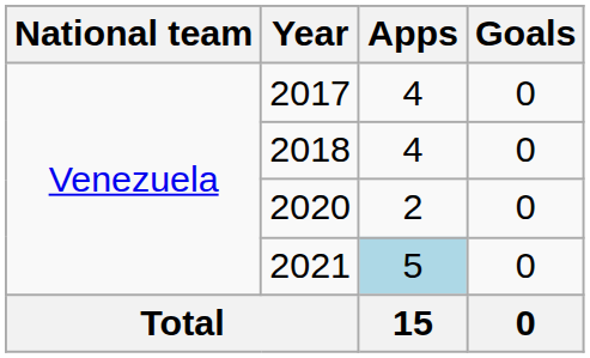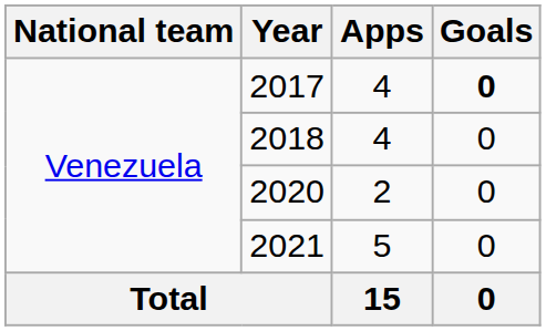 <table class="wikitable" style="text-align: center;">
 <tr>
 <th>National team</th>
 <th>Year</th>
 <th>Apps</th>
 <th>Goals</th>
 </tr>
 <tr>
 <td rowspan="4" valign="center"><a href='#'>Venezuela</a></td>
 <td>2017</td>
 <td>4</td>
-<td>0</td>
+<td><strong>0</strong></td>
 </tr>
 <tr>
 <td>2018</td>
 <td>4</td>
 <td>0</td>
 </tr>
 <tr>
 <td>2020</td>
 <td>2</td>
 <td>0</td>
 </tr>
 <tr>
 <td>2021</td>
-<td style="background: lightblue;">5</td>
+<td>5</td>
 <td>0</td>
 </tr>
 <tr>
 <th colspan="2">Total</th>
 <th>15</th>
 <th>0</th>
 </tr>
 </table>
